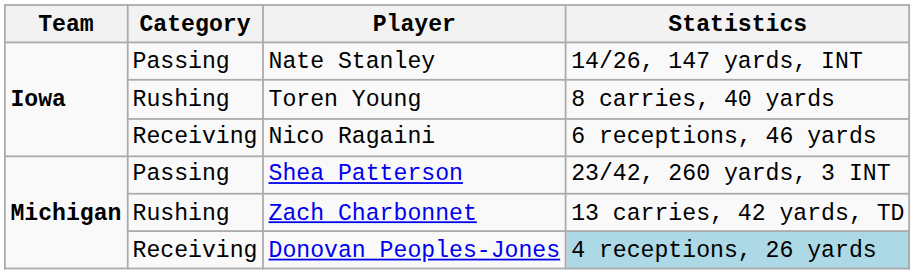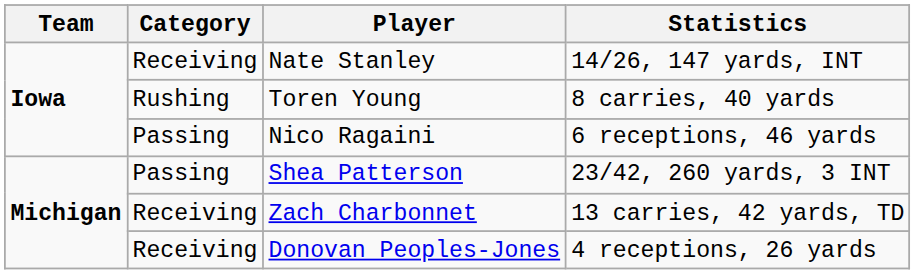 <table class="wikitable" style="float: left;">
 <tr>
 <th>Team</th>
 <th>Category</th>
 <th>Player</th>
 <th>Statistics</th>
 </tr>
 <tr>
 <td rowspan=3><strong>Iowa</strong></td>
-<td>Passing</td>
+<td>Receiving</td>
 <td>Nate Stanley</td>
 <td>14/26, 147 yards, INT</td>
 </tr>
 <tr>
 <td>Rushing</td>
 <td>Toren Young</td>
 <td>8 carries, 40 yards</td>
 </tr>
 <tr>
-<td>Receiving</td>
+<td>Passing</td>
 <td>Nico Ragaini</td>
 <td>6 receptions, 46 yards</td>
 </tr>
 <tr>
 <td rowspan=3><strong>Michigan</strong></td>
 <td>Passing</td>
 <td><a href='#'>Shea Patterson</a></td>
 <td>23/42, 260 yards, 3 INT</td>
 </tr>
 <tr>
-<td>Rushing</td>
+<td>Receiving</td>
 <td><a href='#'>Zach Charbonnet</a></td>
 <td>13 carries, 42 yards, TD</td>
 </tr>
 <tr>
 <td>Receiving</td>
 <td><a href='#'>Donovan Peoples-Jones</a></td>
-<td style="background: lightblue;">4 receptions, 26 yards</td>
+<td>4 receptions, 26 yards</td>
 </tr>
 </table>
